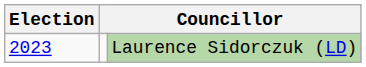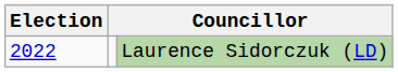 <table class="wikitable">
 <tr>
 <th>Election</th>
 <th colspan="2">Councillor</th>
 </tr>
 <tr>
-<td><a href='#'>2023</a></td>
+<td><a href='#'>2022</a></td>
 <td style="background-color: "></td>
 <td bgcolor="#B6D7A8">Laurence Sidorczuk (<a href='#'>LD</a>)</td>
 </tr>
 </table>
